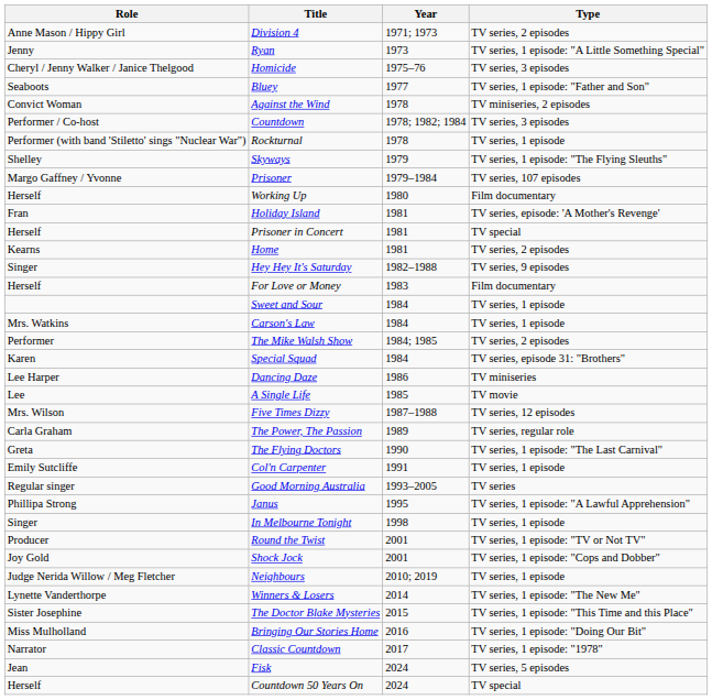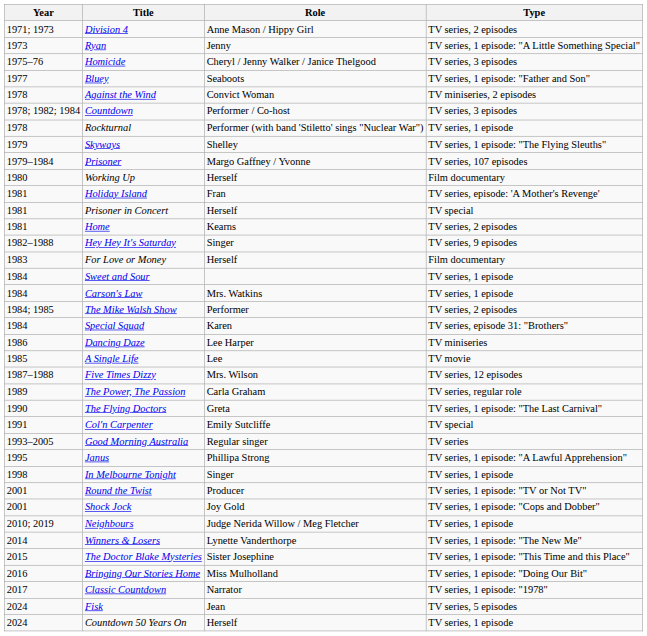 <table class="wikitable">
 <tr>
+<th>Year</th>
+<th>Title</th>
 <th>Role</th>
-<th>Title</th>
-<th>Year</th>
 <th>Type</th>
 </tr>
 <tr>
+<td>1971; 1973</td>
+<td><em><a href='#'>Division 4</a></em></td>
 <td>Anne Mason / Hippy Girl</td>
-<td><em><a href='#'>Division 4</a></em></td>
-<td>1971; 1973</td>
 <td>TV series, 2 episodes</td>
 </tr>
 <tr>
+<td>1973</td>
+<td><em><a href='#'>Ryan</a></em></td>
 <td>Jenny</td>
-<td><em><a href='#'>Ryan</a></em></td>
-<td>1973</td>
 <td>TV series, 1 episode: "A Little Something Special"</td>
 </tr>
 <tr>
+<td>1975–76</td>
+<td><em><a href='#'>Homicide</a></em></td>
 <td>Cheryl / Jenny Walker / Janice Thelgood</td>
-<td><em><a href='#'>Homicide</a></em></td>
-<td>1975–76</td>
 <td>TV series, 3 episodes</td>
 </tr>
 <tr>
+<td>1977</td>
+<td><em><a href='#'>Bluey</a></em></td>
 <td>Seaboots</td>
-<td><em><a href='#'>Bluey</a></em></td>
-<td>1977</td>
 <td>TV series, 1 episode: "Father and Son"</td>
 </tr>
 <tr>
+<td>1978</td>
+<td><em><a href='#'>Against the Wind</a></em></td>
 <td>Convict Woman</td>
-<td><em><a href='#'>Against the Wind</a></em></td>
-<td>1978</td>
 <td>TV miniseries, 2 episodes</td>
 </tr>
 <tr>
+<td>1978; 1982; 1984</td>
+<td><em><a href='#'>Countdown</a></em></td>
 <td>Performer / Co-host</td>
-<td><em><a href='#'>Countdown</a></em></td>
-<td>1978; 1982; 1984</td>
 <td>TV series, 3 episodes</td>
 </tr>
 <tr>
+<td>1978</td>
+<td><em>Rockturnal</em></td>
 <td>Performer (with band 'Stiletto' sings "Nuclear War")</td>
-<td><em>Rockturnal</em></td>
-<td>1978</td>
 <td>TV series, 1 episode</td>
 </tr>
 <tr>
+<td>1979</td>
+<td><em><a href='#'>Skyways</a></em></td>
 <td>Shelley</td>
-<td><em><a href='#'>Skyways</a></em></td>
-<td>1979</td>
 <td>TV series, 1 episode: "The Flying Sleuths"</td>
 </tr>
 <tr>
+<td>1979–1984</td>
+<td><em><a href='#'>Prisoner</a></em></td>
 <td>Margo Gaffney / Yvonne</td>
-<td><em><a href='#'>Prisoner</a></em></td>
-<td>1979–1984</td>
 <td>TV series, 107 episodes</td>
 </tr>
 <tr>
+<td>1980</td>
+<td><em>Working Up</em></td>
 <td>Herself</td>
-<td><em>Working Up</em></td>
-<td>1980</td>
 <td>Film documentary</td>
 </tr>
 <tr>
+<td>1981</td>
+<td><em><a href='#'>Holiday Island</a></em></td>
 <td>Fran</td>
-<td><em><a href='#'>Holiday Island</a></em></td>
-<td>1981</td>
 <td>TV series, episode: 'A Mother's Revenge'</td>
 </tr>
 <tr>
+<td>1981</td>
+<td><em>Prisoner in Concert</em></td>
 <td>Herself</td>
-<td><em>Prisoner in Concert</em></td>
-<td>1981</td>
 <td>TV special</td>
 </tr>
 <tr>
+<td>1981</td>
+<td><em><a href='#'>Home</a></em></td>
 <td>Kearns</td>
-<td><em><a href='#'>Home</a></em></td>
-<td>1981</td>
 <td>TV series, 2 episodes</td>
 </tr>
 <tr>
+<td>1982–1988</td>
+<td><em><a href='#'>Hey Hey It's Saturday</a></em></td>
 <td>Singer</td>
-<td><em><a href='#'>Hey Hey It's Saturday</a></em></td>
-<td>1982–1988</td>
 <td>TV series, 9 episodes</td>
 </tr>
 <tr>
+<td>1983</td>
+<td><em>For Love or Money</em></td>
 <td>Herself</td>
-<td><em>For Love or Money</em></td>
-<td>1983</td>
 <td>Film documentary</td>
 </tr>
 <tr>
+<td>1984</td>
+<td><em><a href='#'>Sweet and Sour</a></em></td>
 <td></td>
-<td><em><a href='#'>Sweet and Sour</a></em></td>
-<td>1984</td>
 <td>TV series, 1 episode</td>
 </tr>
 <tr>
+<td>1984</td>
+<td><em><a href='#'>Carson's Law</a></em></td>
 <td>Mrs. Watkins</td>
-<td><em><a href='#'>Carson's Law</a></em></td>
-<td>1984</td>
 <td>TV series, 1 episode</td>
 </tr>
 <tr>
+<td>1984; 1985</td>
+<td><em><a href='#'>The Mike Walsh Show</a></em></td>
 <td>Performer</td>
-<td><em><a href='#'>The Mike Walsh Show</a></em></td>
-<td>1984; 1985</td>
 <td>TV series, 2 episodes</td>
 </tr>
 <tr>
+<td>1984</td>
+<td><em><a href='#'>Special Squad</a></em></td>
 <td>Karen</td>
-<td><em><a href='#'>Special Squad</a></em></td>
-<td>1984</td>
 <td>TV series, episode 31: "Brothers"</td>
 </tr>
 <tr>
+<td>1986</td>
+<td><em><a href='#'>Dancing Daze</a></em></td>
 <td>Lee Harper</td>
-<td><em><a href='#'>Dancing Daze</a></em></td>
-<td>1986</td>
 <td>TV miniseries</td>
 </tr>
 <tr>
+<td>1985</td>
+<td><em><a href='#'>A Single Life</a></em></td>
 <td>Lee</td>
-<td><em><a href='#'>A Single Life</a></em></td>
-<td>1985</td>
 <td>TV movie</td>
 </tr>
 <tr>
+<td>1987–1988</td>
+<td><em><a href='#'>Five Times Dizzy</a></em></td>
 <td>Mrs. Wilson</td>
-<td><em><a href='#'>Five Times Dizzy</a></em></td>
-<td>1987–1988</td>
 <td>TV series, 12 episodes</td>
 </tr>
 <tr>
+<td>1989</td>
+<td><em><a href='#'>The Power, The Passion</a></em></td>
 <td>Carla Graham</td>
-<td><em><a href='#'>The Power, The Passion</a></em></td>
-<td>1989</td>
 <td>TV series, regular role</td>
 </tr>
 <tr>
+<td>1990</td>
+<td><em><a href='#'>The Flying Doctors</a></em></td>
 <td>Greta</td>
-<td><em><a href='#'>The Flying Doctors</a></em></td>
-<td>1990</td>
 <td>TV series, 1 episode: "The Last Carnival"</td>
 </tr>
 <tr>
+<td>1991</td>
+<td><em><a href='#'>Col'n Carpenter</a></em></td>
 <td>Emily Sutcliffe</td>
-<td><em><a href='#'>Col'n Carpenter</a></em></td>
-<td>1991</td>
+<td>TV special</td>
+</tr>
+<tr>
+<td>1993–2005</td>
+<td><em><a href='#'>Good Morning Australia</a></em></td>
+<td>Regular singer</td>
+<td>TV series</td>
+</tr>
+<tr>
+<td>1995</td>
+<td><em><a href='#'>Janus</a></em></td>
+<td>Phillipa Strong</td>
+<td>TV series, 1 episode: "A Lawful Apprehension"</td>
+</tr>
+<tr>
+<td>1998</td>
+<td><em><a href='#'>In Melbourne Tonight</a></em></td>
+<td>Singer</td>
 <td>TV series, 1 episode</td>
 </tr>
 <tr>
-<td>Regular singer</td>
-<td><em><a href='#'>Good Morning Australia</a></em></td>
-<td>1993–2005</td>
-<td>TV series</td>
+<td>2001</td>
+<td><em><a href='#'>Round the Twist</a></em></td>
+<td>Producer</td>
+<td>TV series, 1 episode: "TV or Not TV"</td>
 </tr>
 <tr>
-<td>Phillipa Strong</td>
-<td><em><a href='#'>Janus</a></em></td>
-<td>1995</td>
-<td>TV series, 1 episode: "A Lawful Apprehension"</td>
+<td>2001</td>
+<td><em><a href='#'>Shock Jock</a></em></td>
+<td>Joy Gold</td>
+<td>TV series, 1 episode: "Cops and Dobber"</td>
 </tr>
 <tr>
-<td>Singer</td>
-<td><em><a href='#'>In Melbourne Tonight</a></em></td>
-<td>1998</td>
+<td>2010; 2019</td>
+<td><em><a href='#'>Neighbours</a></em></td>
+<td>Judge Nerida Willow / Meg Fletcher</td>
 <td>TV series, 1 episode</td>
 </tr>
 <tr>
-<td>Producer</td>
-<td><em><a href='#'>Round the Twist</a></em></td>
-<td>2001</td>
-<td>TV series, 1 episode: "TV or Not TV"</td>
-</tr>
-<tr>
-<td>Joy Gold</td>
-<td><em><a href='#'>Shock Jock</a></em></td>
-<td>2001</td>
-<td>TV series, 1 episode: "Cops and Dobber"</td>
-</tr>
-<tr>
-<td>Judge Nerida Willow / Meg Fletcher</td>
-<td><em><a href='#'>Neighbours</a></em></td>
-<td>2010; 2019</td>
-<td>TV series, 1 episode</td>
-</tr>
-<tr>
+<td>2014</td>
+<td><em><a href='#'>Winners & Losers</a></em></td>
 <td>Lynette Vanderthorpe</td>
-<td><em><a href='#'>Winners & Losers</a></em></td>
-<td>2014</td>
 <td>TV series, 1 episode: "The New Me"</td>
 </tr>
 <tr>
+<td>2015</td>
+<td><em><a href='#'>The Doctor Blake Mysteries</a></em></td>
 <td>Sister Josephine</td>
-<td><em><a href='#'>The Doctor Blake Mysteries</a></em></td>
-<td>2015</td>
 <td>TV series, 1 episode: "This Time and this Place"</td>
 </tr>
 <tr>
+<td>2016</td>
+<td><em><a href='#'>Bringing Our Stories Home</a></em></td>
 <td>Miss Mulholland</td>
-<td><em><a href='#'>Bringing Our Stories Home</a></em></td>
-<td>2016</td>
 <td>TV series, 1 episode: "Doing Our Bit"</td>
 </tr>
 <tr>
+<td>2017</td>
+<td><em><a href='#'>Classic Countdown</a></em></td>
 <td>Narrator</td>
-<td><em><a href='#'>Classic Countdown</a></em></td>
-<td>2017</td>
 <td>TV series, 1 episode: "1978"</td>
 </tr>
 <tr>
+<td>2024</td>
+<td><em><a href='#'>Fisk</a></em></td>
 <td>Jean</td>
-<td><em><a href='#'>Fisk</a></em></td>
-<td>2024</td>
 <td>TV series, 5 episodes</td>
 </tr>
 <tr>
+<td>2024</td>
+<td><em>Countdown 50 Years On</em></td>
 <td>Herself</td>
-<td><em>Countdown 50 Years On</em></td>
-<td>2024</td>
-<td>TV special</td>
+<td>TV series, 1 episode</td>
 </tr>
 </table>
